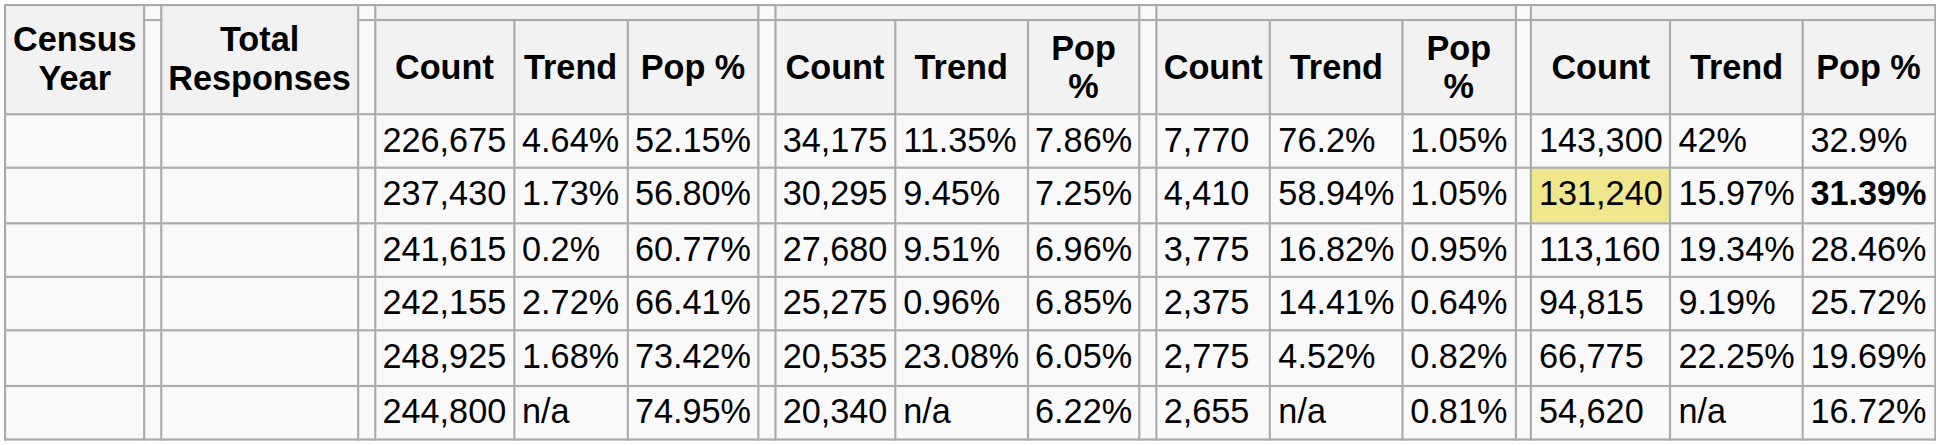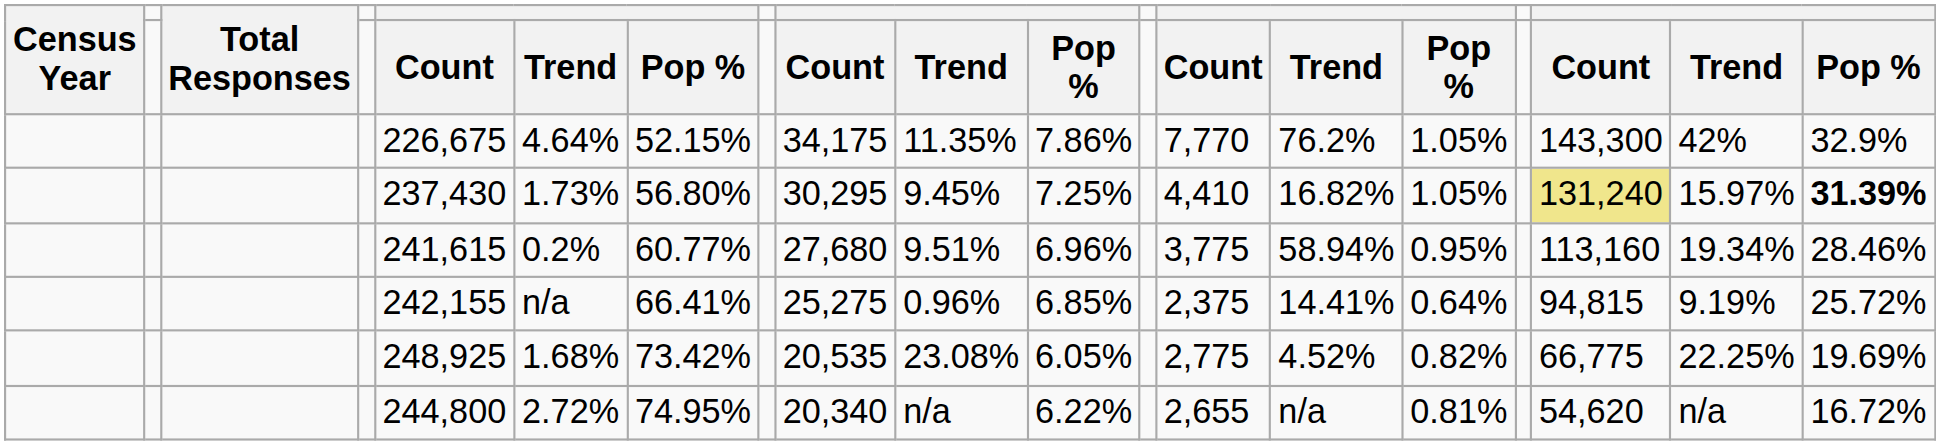 <table class="wikitable">
 <tr>
 <th rowspan="2">Census<br>Year</th>
 <td></td>
 <th rowspan="2">Total<br>Responses</th>
 <td colspan="1"></td>
 <th colspan="3"></th>
 <td colspan="1"></td>
 <th colspan="3"></th>
 <td colspan="1"></td>
 <th colspan="3"></th>
 <td colspan="1"></td>
 <th colspan="3"></th>
 </tr>
 <tr>
 <td></td>
 <td></td>
 <th>Count</th>
 <th>Trend</th>
 <th>Pop %</th>
 <td></td>
 <th>Count</th>
 <th>Trend</th>
 <th>Pop %</th>
 <td></td>
 <th>Count</th>
 <th>Trend</th>
 <th>Pop %</th>
 <td></td>
 <th>Count</th>
 <th>Trend</th>
 <th>Pop %</th>
 </tr>
 <tr>
 <td></td>
 <td></td>
 <td></td>
 <td></td>
 <td>226,675</td>
 <td> 4.64%</td>
 <td>52.15%</td>
 <td></td>
 <td>34,175</td>
 <td> 11.35%</td>
 <td>7.86%</td>
 <td></td>
 <td>7,770</td>
 <td> 76.2%</td>
 <td>1.05%</td>
 <td></td>
 <td>143,300</td>
 <td> 42%</td>
 <td>32.9%</td>
 </tr>
 <tr>
 <td></td>
 <td></td>
 <td></td>
 <td></td>
 <td>237,430</td>
 <td class="nowrap"> 1.73%</td>
 <td>56.80%</td>
 <td></td>
 <td>30,295</td>
 <td> 9.45%</td>
 <td>7.25%</td>
 <td></td>
 <td>4,410</td>
-<td class="nowrap"> 58.94%</td>
+<td> 16.82%</td>
 <td>1.05%</td>
 <td></td>
 <td style="background: khaki;">131,240</td>
 <td> 15.97%</td>
 <td><strong>31.39%</strong></td>
 </tr>
 <tr>
 <td></td>
 <td></td>
 <td></td>
 <td></td>
 <td>241,615</td>
 <td> 0.2%</td>
 <td>60.77%</td>
 <td></td>
 <td>27,680</td>
 <td> 9.51%</td>
 <td>6.96%</td>
 <td></td>
 <td>3,775</td>
-<td> 16.82%</td>
+<td class="nowrap"> 58.94%</td>
 <td>0.95%</td>
 <td></td>
 <td>113,160</td>
 <td class="nowrap"> 19.34%</td>
 <td>28.46%</td>
 </tr>
 <tr>
 <td></td>
 <td></td>
 <td></td>
 <td></td>
 <td>242,155</td>
-<td> 2.72%</td>
+<td>n/a</td>
 <td>66.41%</td>
 <td></td>
 <td>25,275</td>
 <td> 0.96%</td>
 <td>6.85%</td>
 <td></td>
 <td>2,375</td>
 <td> 14.41%</td>
 <td>0.64%</td>
 <td></td>
 <td>94,815</td>
 <td> 9.19%</td>
 <td>25.72%</td>
 </tr>
 <tr>
 <td></td>
 <td></td>
 <td></td>
 <td></td>
 <td>248,925</td>
 <td> 1.68%</td>
 <td>73.42%</td>
 <td></td>
 <td>20,535</td>
 <td class="nowrap"> 23.08%</td>
 <td>6.05%</td>
 <td></td>
 <td>2,775</td>
 <td> 4.52%</td>
 <td>0.82%</td>
 <td></td>
 <td>66,775</td>
 <td> 22.25%</td>
 <td>19.69%</td>
 </tr>
 <tr>
 <td></td>
 <td></td>
 <td></td>
 <td></td>
 <td>244,800</td>
-<td>n/a</td>
+<td> 2.72%</td>
 <td>74.95%</td>
 <td></td>
 <td>20,340</td>
 <td>n/a</td>
 <td>6.22%</td>
 <td></td>
 <td>2,655</td>
 <td>n/a</td>
 <td>0.81%</td>
 <td></td>
 <td>54,620</td>
 <td>n/a</td>
 <td>16.72%</td>
 </tr>
 </table>
